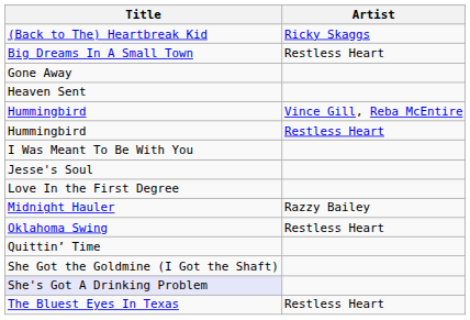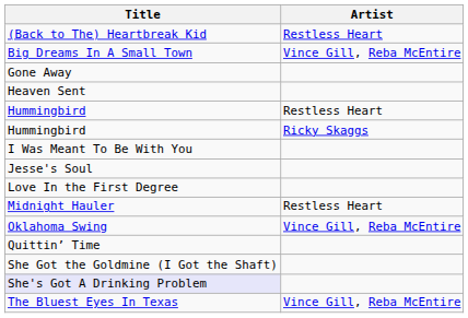 <table class="wikitable">
 <tr>
 <th>Title</th>
 <th>Artist</th>
 </tr>
 <tr>
 <td><a href='#'>(Back to The) Heartbreak Kid</a></td>
-<td><a href='#'>Ricky Skaggs</a></td>
+<td><a href='#'>Restless Heart</a></td>
 </tr>
 <tr>
 <td><a href='#'>Big Dreams In A Small Town</a></td>
-<td>Restless Heart</td>
+<td><a href='#'>Vince Gill</a>, <a href='#'>Reba McEntire</a></td>
 </tr>
 <tr>
 <td>Gone Away</td>
 <td></td>
 </tr>
 <tr>
 <td>Heaven Sent</td>
 <td></td>
 </tr>
 <tr>
 <td><a href='#'>Hummingbird</a></td>
-<td><a href='#'>Vince Gill</a>, <a href='#'>Reba McEntire</a></td>
+<td>Restless Heart</td>
 </tr>
 <tr>
 <td>Hummingbird</td>
-<td><a href='#'>Restless Heart</a></td>
+<td><a href='#'>Ricky Skaggs</a></td>
 </tr>
 <tr>
 <td>I Was Meant To Be With You</td>
 <td></td>
 </tr>
 <tr>
 <td>Jesse's Soul</td>
 <td></td>
 </tr>
 <tr>
 <td>Love In the First Degree</td>
 <td></td>
 </tr>
 <tr>
 <td><a href='#'>Midnight Hauler</a></td>
-<td>Razzy Bailey</td>
+<td>Restless Heart</td>
 </tr>
 <tr>
 <td><a href='#'>Oklahoma Swing</a></td>
-<td>Restless Heart</td>
+<td><a href='#'>Vince Gill</a>, <a href='#'>Reba McEntire</a></td>
 </tr>
 <tr>
 <td>Quittin’ Time</td>
 <td></td>
 </tr>
 <tr>
 <td>She Got the Goldmine (I Got the Shaft)</td>
 <td></td>
 </tr>
 <tr>
 <td style="background: lavender;">She's Got A Drinking Problem</td>
 <td></td>
 </tr>
 <tr>
 <td><a href='#'>The Bluest Eyes In Texas</a></td>
-<td>Restless Heart</td>
+<td><a href='#'>Vince Gill</a>, <a href='#'>Reba McEntire</a></td>
 </tr>
 </table>
